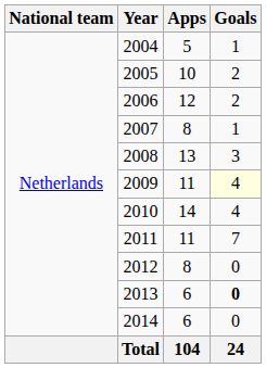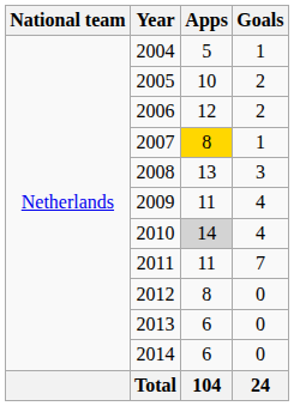 <table class="wikitable" style="text-align: center;">
 <tr>
 <th>National team</th>
 <th>Year</th>
 <th>Apps</th>
 <th>Goals</th>
 </tr>
 <tr>
 <td rowspan="11"><a href='#'>Netherlands</a></td>
 <td>2004</td>
 <td>5</td>
 <td>1</td>
 </tr>
 <tr>
 <td>2005</td>
 <td>10</td>
 <td>2</td>
 </tr>
 <tr>
 <td>2006</td>
 <td>12</td>
 <td>2</td>
 </tr>
 <tr>
 <td>2007</td>
-<td>8</td>
+<td style="background: gold;">8</td>
 <td>1</td>
 </tr>
 <tr>
 <td>2008</td>
 <td>13</td>
 <td>3</td>
 </tr>
 <tr>
 <td>2009</td>
 <td>11</td>
-<td style="background: lightyellow;">4</td>
+<td>4</td>
 </tr>
 <tr>
 <td>2010</td>
-<td>14</td>
+<td style="background: lightgrey;">14</td>
 <td>4</td>
 </tr>
 <tr>
 <td>2011</td>
 <td>11</td>
 <td>7</td>
 </tr>
 <tr>
 <td>2012</td>
 <td>8</td>
 <td>0</td>
 </tr>
 <tr>
 <td>2013</td>
 <td>6</td>
-<td><strong>0</strong></td>
+<td>0</td>
 </tr>
 <tr>
 <td>2014</td>
 <td>6</td>
 <td>0</td>
 </tr>
 <tr>
 <th></th>
 <th Total>Total</th>
 <th>104</th>
 <th>24</th>
 </tr>
 </table>
